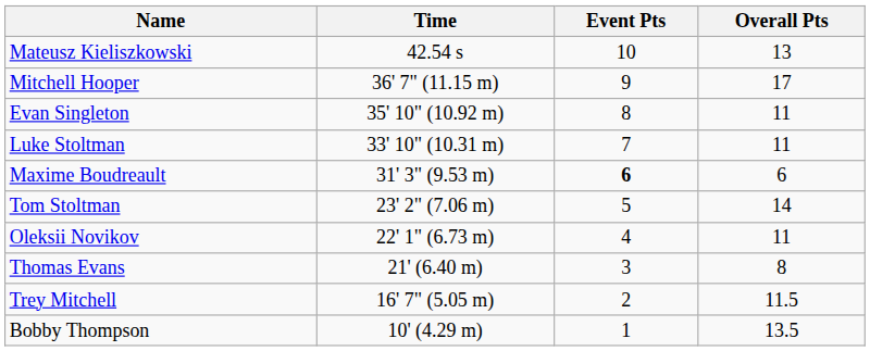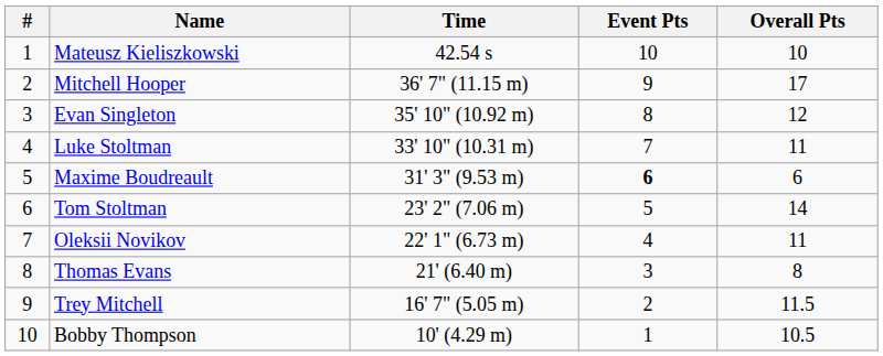 <table class="wikitable sortable" style="display: inline-table;width: 80%; text-align:center">
 <tr>
+<th>#</th>
 <th>Name</th>
 <th>Time</th>
 <th>Event Pts</th>
 <th>Overall Pts</th>
 </tr>
 <tr>
+<td>1</td>
 <td align="left"> <a href='#'>Mateusz Kieliszkowski</a></td>
 <td>42.54 s</td>
 <td>10</td>
-<td>13</td>
+<td>10</td>
 </tr>
 <tr>
+<td>2</td>
 <td align="left"> <a href='#'>Mitchell Hooper</a></td>
 <td>36' 7" (11.15 m)</td>
 <td>9</td>
 <td>17</td>
 </tr>
 <tr>
+<td>3</td>
 <td align="left"> <a href='#'>Evan Singleton</a></td>
 <td>35' 10" (10.92 m)</td>
 <td>8</td>
-<td>11</td>
+<td>12</td>
 </tr>
 <tr>
+<td>4</td>
 <td align="left"> <a href='#'>Luke Stoltman</a></td>
 <td>33' 10" (10.31 m)</td>
 <td>7</td>
 <td>11</td>
 </tr>
 <tr>
+<td>5</td>
 <td align="left"> <a href='#'>Maxime Boudreault</a></td>
 <td>31' 3" (9.53 m)</td>
 <td><strong>6</strong></td>
 <td>6</td>
 </tr>
 <tr>
+<td>6</td>
 <td align="left"> <a href='#'>Tom Stoltman</a></td>
 <td>23' 2" (7.06 m)</td>
 <td>5</td>
 <td>14</td>
 </tr>
 <tr>
+<td>7</td>
 <td align="left"> <a href='#'>Oleksii Novikov</a></td>
 <td>22' 1" (6.73 m)</td>
 <td>4</td>
 <td>11</td>
 </tr>
 <tr>
+<td>8</td>
 <td align="left"> <a href='#'>Thomas Evans</a></td>
 <td>21' (6.40 m)</td>
 <td>3</td>
 <td>8</td>
 </tr>
 <tr>
+<td>9</td>
 <td align="left"> <a href='#'>Trey Mitchell</a></td>
 <td>16' 7" (5.05 m)</td>
 <td>2</td>
 <td>11.5</td>
 </tr>
 <tr>
+<td>10</td>
 <td align="left"> Bobby Thompson</td>
 <td>10' (4.29 m)</td>
 <td>1</td>
-<td>13.5</td>
+<td>10.5</td>
 </tr>
 </table>
